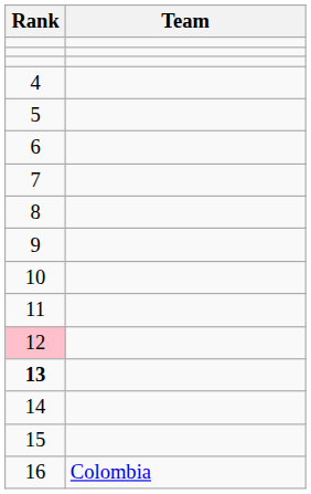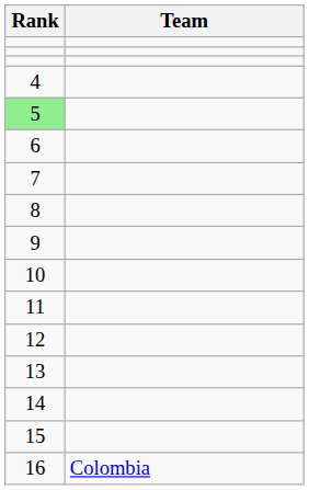 <table class="wikitable" style="text-align: center;">
 <tr>
 <th width=40>Rank</th>
 <th width=180>Team</th>
 </tr>
 <tr>
 <td></td>
 <td align=left></td>
 </tr>
 <tr>
 <td></td>
 <td align=left></td>
 </tr>
 <tr>
 <td></td>
 <td align=left></td>
 </tr>
 <tr>
 <td>4</td>
 <td align=left></td>
 </tr>
 <tr>
-<td>5</td>
+<td style="background: lightgreen;">5</td>
 <td align=left></td>
 </tr>
 <tr>
 <td>6</td>
 <td align=left></td>
 </tr>
 <tr>
 <td>7</td>
 <td align=left></td>
 </tr>
 <tr>
 <td>8</td>
 <td align=left></td>
 </tr>
 <tr>
 <td>9</td>
 <td align=left></td>
 </tr>
 <tr>
 <td>10</td>
 <td align=left></td>
 </tr>
 <tr>
 <td>11</td>
 <td align=left></td>
 </tr>
 <tr>
-<td style="background: pink;">12</td>
+<td>12</td>
 <td align=left></td>
 </tr>
 <tr>
-<td><strong>13</strong></td>
+<td>13</td>
 <td align=left></td>
 </tr>
 <tr>
 <td>14</td>
 <td align=left></td>
 </tr>
 <tr>
 <td>15</td>
 <td align=left></td>
 </tr>
 <tr>
 <td>16</td>
 <td align=left> <a href='#'>Colombia</a></td>
 </tr>
 </table>
